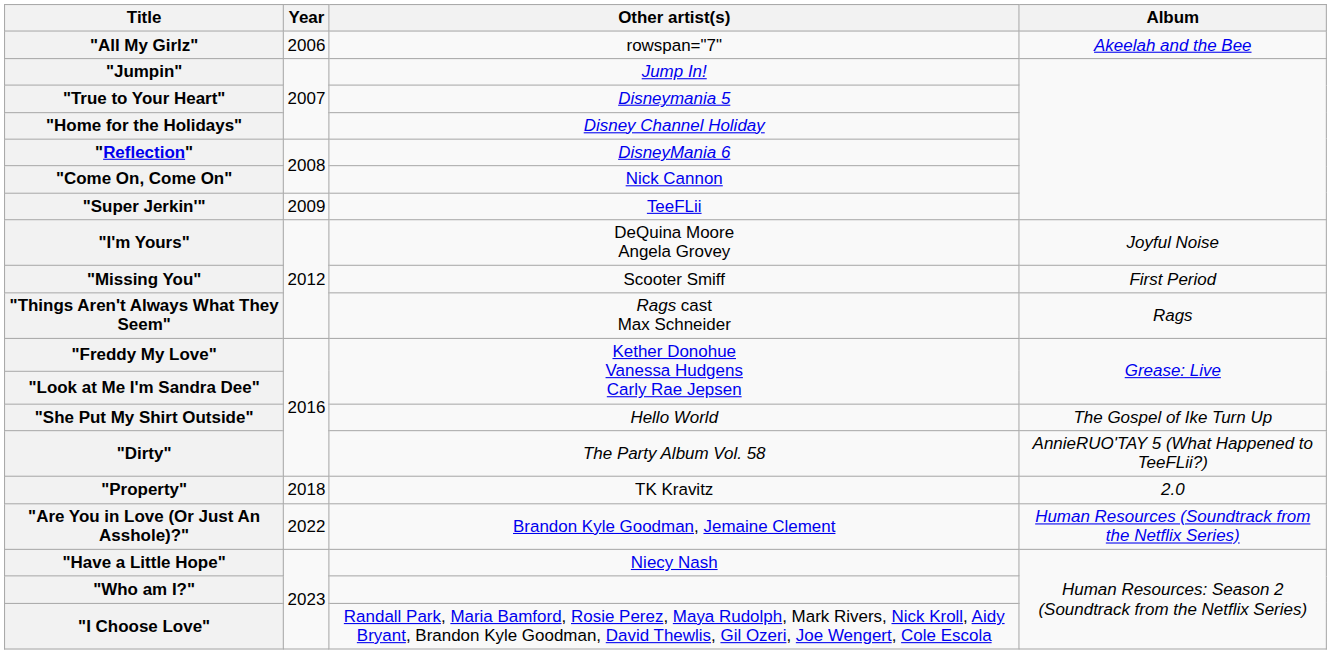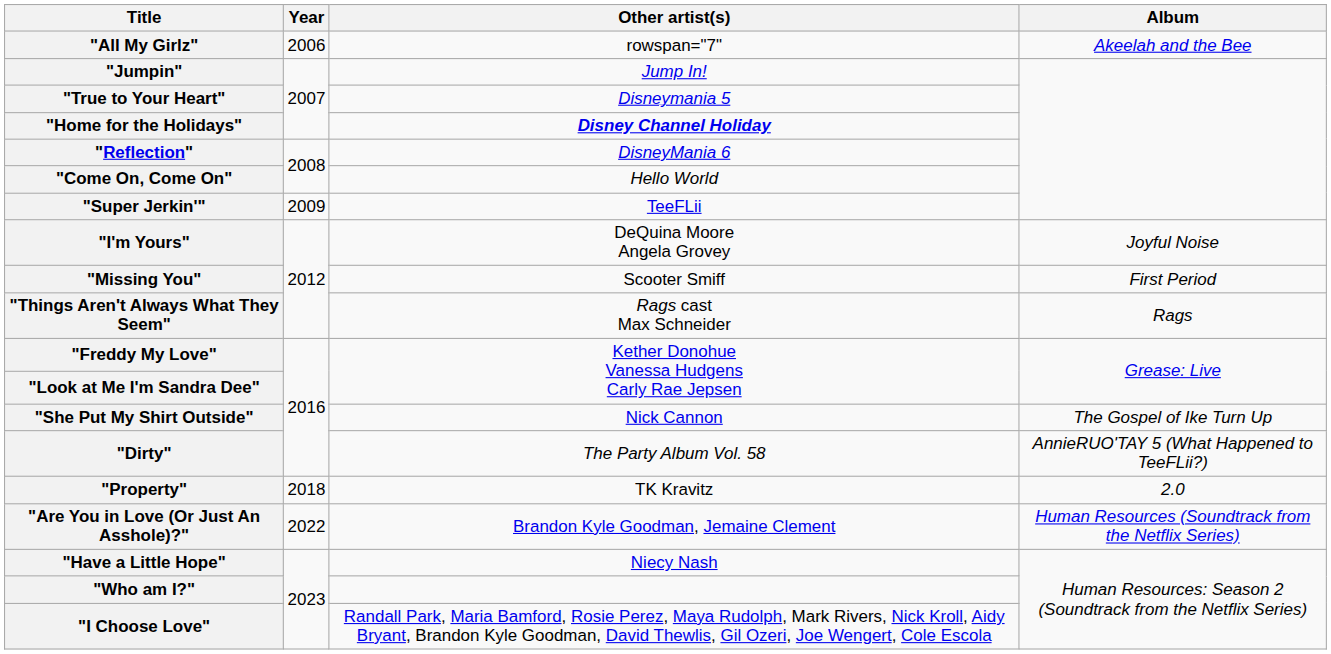 <table class="wikitable plainrowheaders" style="text-align:center;">
 <tr>
 <th scope="col" style="width:16em;">Title</th>
 <th scope="col">Year</th>
 <th scope="col">Other artist(s)</th>
 <th scope="col">Album</th>
 </tr>
 <tr>
 <th scope="row">"All My Girlz"</th>
 <td>2006</td>
 <td>rowspan="7" </td>
 <td><em><a href='#'>Akeelah and the Bee</a></em></td>
 </tr>
 <tr>
 <th scope="row">"Jumpin"</th>
 <td rowspan="3">2007</td>
 <td><em><a href='#'>Jump In!</a></em></td>
 </tr>
 <tr>
 <th scope="row">"True to Your Heart"</th>
 <td align="center"><em><a href='#'>Disneymania 5</a></em></td>
 </tr>
 <tr>
 <th scope="row">"Home for the Holidays"</th>
-<td><em><a href='#'>Disney Channel Holiday</a></em></td>
+<td><strong><em><a href='#'>Disney Channel Holiday</a></em></strong></td>
 </tr>
 <tr>
 <th scope="row">"<a href='#'>Reflection</a>"</th>
 <td rowspan="2">2008</td>
 <td><em><a href='#'>DisneyMania 6</a></em></td>
 </tr>
 <tr>
 <th scope="row">"Come On, Come On"</th>
-<td><a href='#'>Nick Cannon</a></td>
+<td><em>Hello World</em></td>
 </tr>
 <tr>
 <th scope="row">"Super Jerkin'"</th>
 <td>2009</td>
 <td><a href='#'>TeeFLii</a></td>
 </tr>
 <tr>
 <th scope="row">"I'm Yours"</th>
 <td rowspan="3">2012</td>
 <td>DeQuina Moore<br>Angela Grovey</td>
 <td><em>Joyful Noise</em></td>
 </tr>
 <tr>
 <th scope="row">"Missing You"</th>
 <td>Scooter Smiff</td>
 <td><em>First Period</em></td>
 </tr>
 <tr>
 <th scope="row">"Things Aren't Always What They Seem"</th>
 <td><em>Rags</em> cast<br>Max Schneider</td>
 <td><em>Rags</em></td>
 </tr>
 <tr>
 <th scope="row">"Freddy My Love"</th>
 <td rowspan="4">2016</td>
 <td rowspan="2"><a href='#'>Kether Donohue</a><br><a href='#'>Vanessa Hudgens</a><br><a href='#'>Carly Rae Jepsen</a></td>
 <td rowspan="2"><em><a href='#'>Grease: Live</a></em></td>
 </tr>
 <tr>
 <th scope="row">"Look at Me I'm Sandra Dee"</th>
 </tr>
 <tr>
 <th scope="row">"She Put My Shirt Outside"</th>
-<td><em>Hello World</em></td>
+<td><a href='#'>Nick Cannon</a></td>
 <td><em>The Gospel of Ike Turn Up</em></td>
 </tr>
 <tr>
 <th scope="row">"Dirty"</th>
 <td><em>The Party Album Vol. 58</em></td>
 <td><em>AnnieRUO'TAY 5 (What Happened to TeeFLii?)</em></td>
 </tr>
 <tr>
 <th scope="row">"Property"</th>
 <td>2018</td>
 <td>TK Kravitz</td>
 <td><em>2.0</em></td>
 </tr>
 <tr>
 <th scope="row">"Are You in Love (Or Just An Asshole)?"</th>
 <td>2022</td>
 <td><a href='#'>Brandon Kyle Goodman</a>, <a href='#'>Jemaine Clement</a></td>
 <td><em><a href='#'>Human Resources (Soundtrack from the Netflix Series)</a></em></td>
 </tr>
 <tr>
 <th scope="row">"Have a Little Hope"</th>
 <td rowspan="3">2023</td>
 <td><a href='#'>Niecy Nash</a></td>
 <td rowspan="3"><em>Human Resources: Season 2 (Soundtrack from the Netflix Series)</em></td>
 </tr>
 <tr>
 <th scope="row">"Who am I?"</th>
 <td></td>
 </tr>
 <tr>
 <th scope="row">"I Choose Love"</th>
 <td><a href='#'>Randall Park</a>, <a href='#'>Maria Bamford</a>, <a href='#'>Rosie Perez</a>, <a href='#'>Maya Rudolph</a>, Mark Rivers, <a href='#'>Nick Kroll</a>, <a href='#'>Aidy Bryant</a>, Brandon Kyle Goodman, <a href='#'>David Thewlis</a>, <a href='#'>Gil Ozeri</a>, <a href='#'>Joe Wengert</a>, <a href='#'>Cole Escola</a></td>
 </tr>
 </table>
